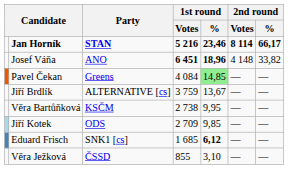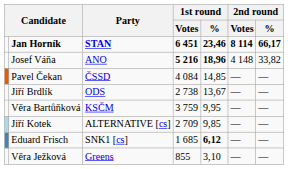 <table class="wikitable sortable">
 <tr>
 <th colspan="2" rowspan="2">Candidate</th>
 <th rowspan="2">Party</th>
 <th colspan="2">1st round</th>
 <th colspan="2">2nd round</th>
 </tr>
 <tr>
 <th>Votes</th>
 <th>%</th>
 <th>Votes</th>
 <th>%</th>
 </tr>
 <tr>
 <td style="background-color:"></td>
 <td><strong>Jan Horník</strong></td>
 <td><strong><a href='#'>STAN</a></strong></td>
-<td><strong>5 216</strong></td>
+<td><strong>6 451</strong></td>
 <td><strong>23,46</strong></td>
 <td><strong>8 114</strong></td>
 <td><strong>66,17</strong></td>
 </tr>
 <tr>
 <td style="background-color:"></td>
 <td>Josef Váňa</td>
 <td><a href='#'>ANO</a></td>
-<td><strong>6 451</strong></td>
+<td><strong>5 216</strong></td>
 <td><strong>18,96</strong></td>
 <td>4 148</td>
 <td>33,82</td>
 </tr>
 <tr>
 <td style="background-color:#EC5800;"></td>
 <td>Pavel Čekan</td>
-<td><a href='#'>Greens</a></td>
+<td><a href='#'>ČSSD</a></td>
 <td>4 084</td>
-<td style="background: lightgreen;">14,85</td>
+<td>14,85</td>
 <td>—</td>
 <td>—</td>
 </tr>
 <tr>
 <td style="background-color:"></td>
 <td>Jiří Brdlík</td>
-<td>ALTERNATIVE [<a href='#'>cs</a>]</td>
-<td>3 759</td>
+<td><a href='#'>ODS</a></td>
+<td>2 738</td>
 <td>13,67</td>
 <td>—</td>
 <td>—</td>
 </tr>
 <tr>
 <td style="background-color:"></td>
 <td>Věra Bartůňková</td>
 <td><a href='#'>KSČM</a></td>
-<td>2 738</td>
+<td>3 759</td>
 <td>9,95</td>
 <td>—</td>
 <td>—</td>
 </tr>
 <tr>
 <td style="background-color:lightblue"></td>
 <td>Jiří Kotek</td>
-<td><a href='#'>ODS</a></td>
+<td>ALTERNATIVE [<a href='#'>cs</a>]</td>
 <td>2 709</td>
 <td>9,85</td>
 <td>—</td>
 <td>—</td>
 </tr>
 <tr>
 <td style="background-color:steelblue"></td>
 <td>Eduard Frisch</td>
 <td>SNK1 [<a href='#'>cs</a>]</td>
 <td>1 685</td>
 <td><strong>6,12</strong></td>
 <td>—</td>
 <td>—</td>
 </tr>
 <tr>
 <td style="background-color:"></td>
 <td>Věra Ježková</td>
-<td><a href='#'>ČSSD</a></td>
+<td><a href='#'>Greens</a></td>
 <td>855</td>
 <td>3,10</td>
 <td>—</td>
 <td>—</td>
 </tr>
 </table>
